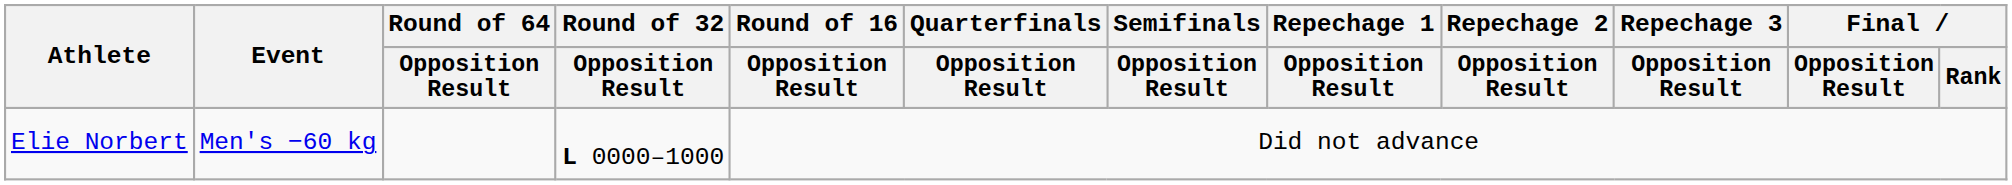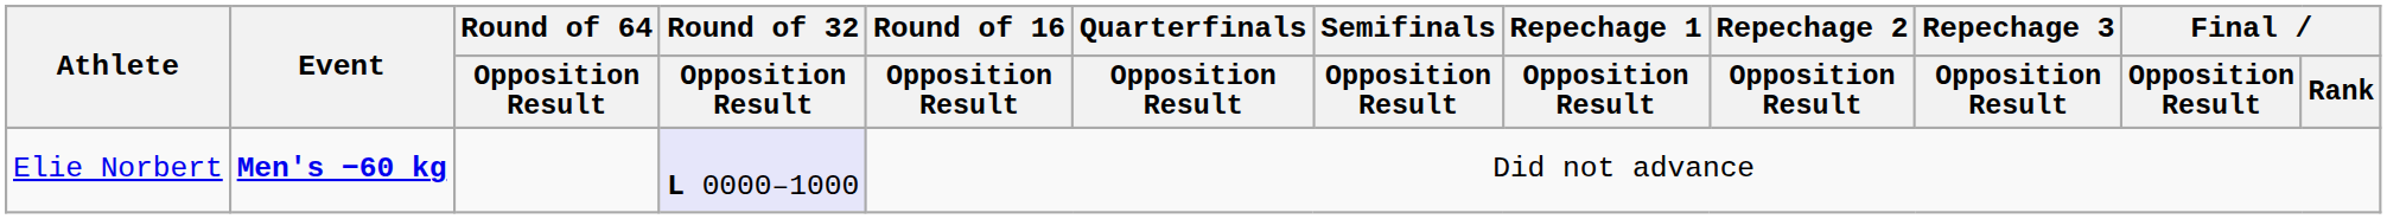 <table class="wikitable" style="font-size:90%">
 <tr>
 <th rowspan="2">Athlete</th>
 <th rowspan="2">Event</th>
 <th>Round of 64</th>
 <th>Round of 32</th>
 <th>Round of 16</th>
 <th>Quarterfinals</th>
 <th>Semifinals</th>
 <th>Repechage 1</th>
 <th>Repechage 2</th>
 <th>Repechage 3</th>
 <th colspan=2>Final / </th>
 </tr>
 <tr style="font-size:95%">
 <th>Opposition<br>Result</th>
 <th>Opposition<br>Result</th>
 <th>Opposition<br>Result</th>
 <th>Opposition<br>Result</th>
 <th>Opposition<br>Result</th>
 <th>Opposition<br>Result</th>
 <th>Opposition<br>Result</th>
 <th>Opposition<br>Result</th>
 <th>Opposition<br>Result</th>
 <th>Rank</th>
 </tr>
 <tr align=center>
 <td align=left><a href='#'>Elie Norbert</a></td>
-<td align=left><a href='#'>Men's −60 kg</a></td>
+<td align=left><strong><a href='#'>Men's −60 kg</a></strong></td>
 <td></td>
-<td><br><strong>L</strong> 0000–1000</td>
+<td style="background: lavender;"><br><strong>L</strong> 0000–1000</td>
 <td colspan=8>Did not advance</td>
 </tr>
 </table>
